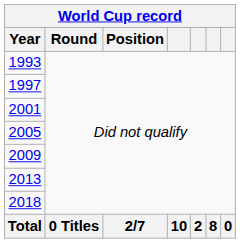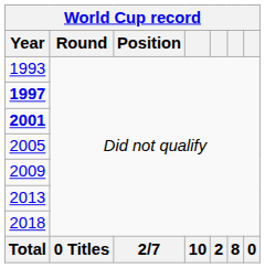 <table class="wikitable" style="text-align: center;">
 <tr>
 <th colspan=10><a href='#'>World Cup record</a></th>
 </tr>
 <tr>
 <th>Year</th>
 <th>Round</th>
 <th>Position</th>
 <th></th>
 <th></th>
 <th></th>
 <th></th>
 </tr>
 <tr>
 <td> <a href='#'>1993</a></td>
 <td colspan=6 rowspan=7><em>Did not qualify</em></td>
 </tr>
 <tr>
-<td> <a href='#'>1997</a></td>
+<td><strong> <a href='#'>1997</a></strong></td>
 </tr>
 <tr>
-<td> <a href='#'>2001</a></td>
+<td><strong> <a href='#'>2001</a></strong></td>
 </tr>
 <tr>
 <td> <a href='#'>2005</a></td>
 </tr>
 <tr>
 <td> <a href='#'>2009</a></td>
 </tr>
 <tr>
 <td> <a href='#'>2013</a></td>
 </tr>
 <tr>
 <td> <a href='#'>2018</a></td>
 </tr>
 <tr>
 <th>Total</th>
 <th>0 Titles</th>
 <th>2/7</th>
 <th>10</th>
 <th>2</th>
 <th>8</th>
 <th>0</th>
 </tr>
 </table>
